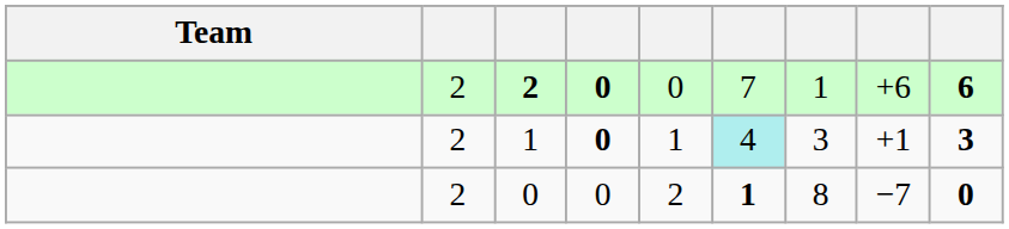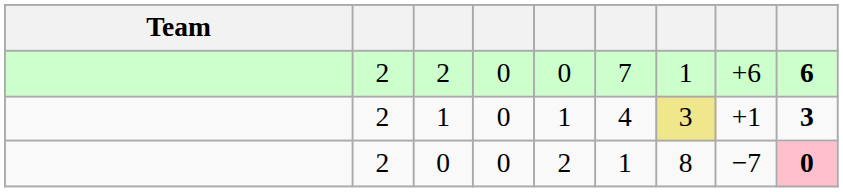 <table class="wikitable" style="text-align: center; font-size: 90%;">
 <tr>
 <th width=175>Team</th>
 <th width=25></th>
 <th width=25></th>
 <th width=25></th>
 <th width=25></th>
 <th width=25></th>
 <th width=25></th>
 <th width=25></th>
 <th width=25></th>
 </tr>
 <tr bgcolor=#ccffcc>
 <td align=left></td>
 <td>2</td>
-<td><strong>2</strong></td>
-<td><strong>0</strong></td>
+<td>2</td>
+<td>0</td>
 <td>0</td>
 <td>7</td>
 <td>1</td>
 <td>+6</td>
 <td><strong>6</strong></td>
 </tr>
 <tr>
 <td align=left></td>
 <td>2</td>
 <td>1</td>
-<td><strong>0</strong></td>
+<td>0</td>
 <td>1</td>
-<td style="background: paleturquoise;">4</td>
-<td>3</td>
+<td>4</td>
+<td style="background: khaki;">3</td>
 <td>+1</td>
 <td><strong>3</strong></td>
 </tr>
 <tr>
 <td align=left></td>
 <td>2</td>
 <td>0</td>
 <td>0</td>
 <td>2</td>
-<td><strong>1</strong></td>
+<td>1</td>
 <td>8</td>
 <td>−7</td>
-<td><strong>0</strong></td>
+<td style="background: pink;"><strong>0</strong></td>
 </tr>
 </table>
